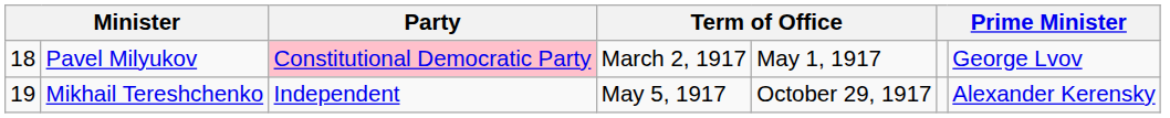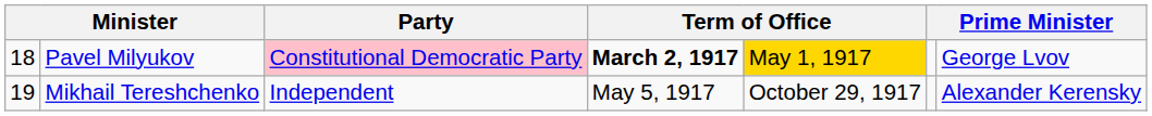 <table class="wikitable">
 <tr>
 <th colspan="2">Minister</th>
 <th>Party</th>
 <th colspan="2">Term of Office</th>
 <th colspan="2"><a href='#'>Prime Minister</a></th>
 </tr>
 <tr>
 <td style="background: ">18</td>
 <td><a href='#'>Pavel Milyukov</a></td>
 <td style="background: pink;"><a href='#'>Constitutional Democratic Party</a></td>
-<td>March 2, 1917</td>
-<td>May 1, 1917</td>
+<td><strong>March 2, 1917</strong></td>
+<td style="background: gold;">May 1, 1917</td>
 <td rowspan="2" style="background: "></td>
 <td rowspan="2"><a href='#'>George Lvov</a></td>
 </tr>
 <tr>
 <td rowspan="2" style="background: ">19</td>
 <td rowspan="2"><a href='#'>Mikhail Tereshchenko</a></td>
 <td rowspan="2"><a href='#'>Independent</a></td>
 <td rowspan="2">May 5, 1917</td>
 <td rowspan="2">October 29, 1917</td>
 </tr>
 <tr>
 <td style="background: "></td>
 <td><a href='#'>Alexander Kerensky</a></td>
 </tr>
 </table>
